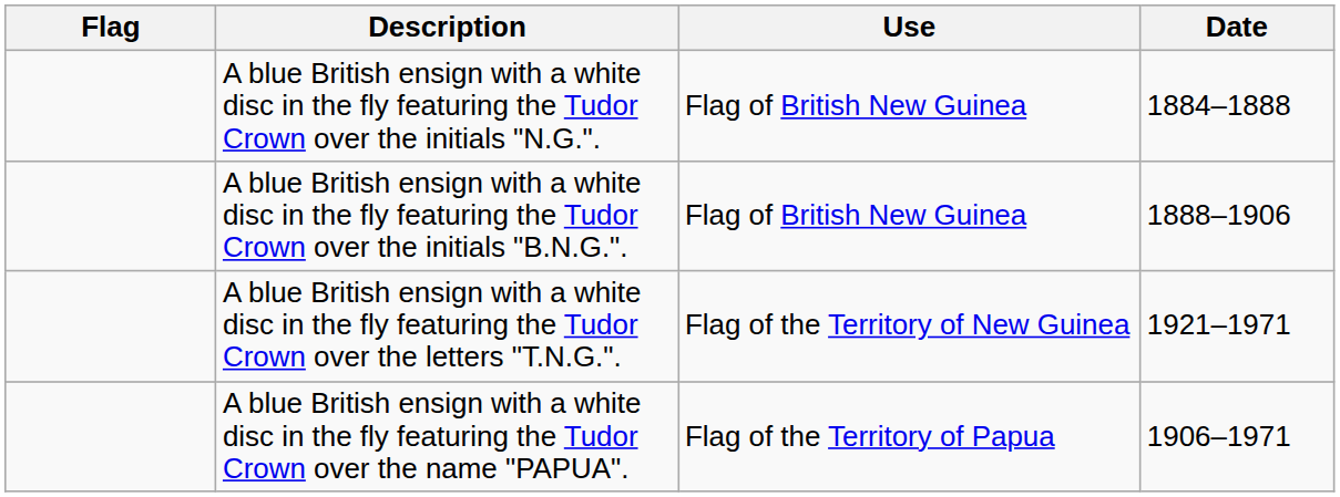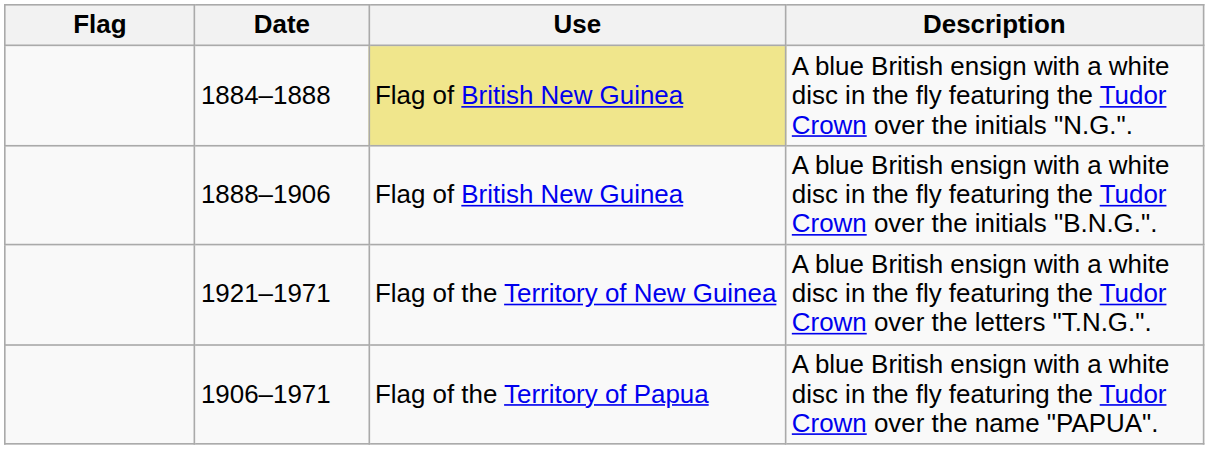 <table class="wikitable">
 <tr>
 <th style="width:110px;">Flag</th>
+<th style="width:100px;">Date</th>
+<th style="width:250px;">Use</th>
 <th style="width:250px;">Description</th>
-<th style="width:250px;">Use</th>
-<th style="width:100px;">Date</th>
 </tr>
 <tr>
 <td></td>
+<td>1884–1888</td>
+<td style="background: khaki;">Flag of <a href='#'>British New Guinea</a></td>
 <td>A blue British ensign with a white disc in the fly featuring the <a href='#'>Tudor Crown</a> over the initials "N.G.".</td>
-<td>Flag of <a href='#'>British New Guinea</a></td>
-<td>1884–1888</td>
 </tr>
 <tr>
 <td></td>
+<td>1888–1906</td>
+<td>Flag of <a href='#'>British New Guinea</a></td>
 <td>A blue British ensign with a white disc in the fly featuring the <a href='#'>Tudor Crown</a> over the initials "B.N.G.".</td>
-<td>Flag of <a href='#'>British New Guinea</a></td>
-<td>1888–1906</td>
 </tr>
 <tr>
 <td></td>
+<td>1921–1971</td>
+<td>Flag of the <a href='#'>Territory of New Guinea</a></td>
 <td>A blue British ensign with a white disc in the fly featuring the <a href='#'>Tudor Crown</a> over the letters "T.N.G.".</td>
-<td>Flag of the <a href='#'>Territory of New Guinea</a></td>
-<td>1921–1971</td>
 </tr>
 <tr>
 <td></td>
+<td>1906–1971</td>
+<td>Flag of the <a href='#'>Territory of Papua</a></td>
 <td>A blue British ensign with a white disc in the fly featuring the <a href='#'>Tudor Crown</a> over the name "PAPUA".</td>
-<td>Flag of the <a href='#'>Territory of Papua</a></td>
-<td>1906–1971</td>
 </tr>
 </table>
